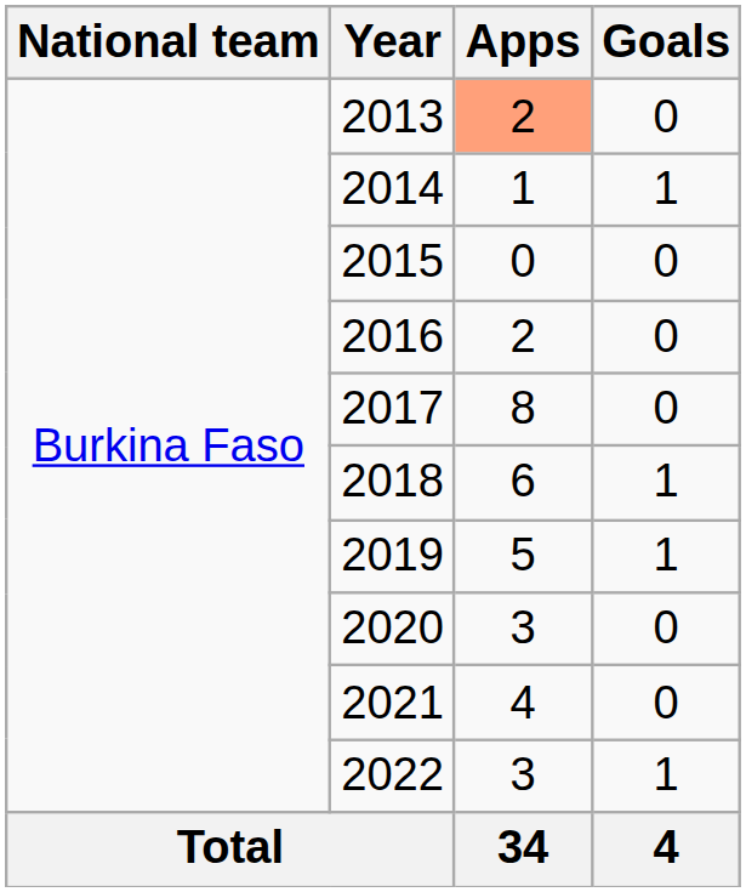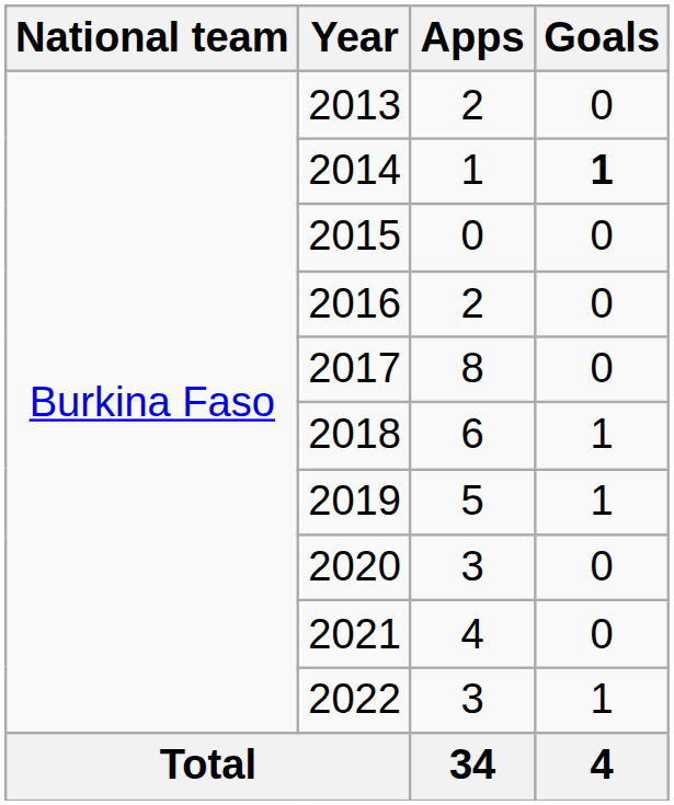 <table class="wikitable" style="text-align:center">
 <tr>
 <th>National team</th>
 <th>Year</th>
 <th>Apps</th>
 <th>Goals</th>
 </tr>
 <tr>
 <td rowspan="10"><a href='#'>Burkina Faso</a></td>
 <td>2013</td>
-<td style="background: lightsalmon;">2</td>
+<td>2</td>
 <td>0</td>
 </tr>
 <tr>
 <td>2014</td>
 <td>1</td>
-<td>1</td>
+<td><strong>1</strong></td>
 </tr>
 <tr>
 <td>2015</td>
 <td>0</td>
 <td>0</td>
 </tr>
 <tr>
 <td>2016</td>
 <td>2</td>
 <td>0</td>
 </tr>
 <tr>
 <td>2017</td>
 <td>8</td>
 <td>0</td>
 </tr>
 <tr>
 <td>2018</td>
 <td>6</td>
 <td>1</td>
 </tr>
 <tr>
 <td>2019</td>
 <td>5</td>
 <td>1</td>
 </tr>
 <tr>
 <td>2020</td>
 <td>3</td>
 <td>0</td>
 </tr>
 <tr>
 <td>2021</td>
 <td>4</td>
 <td>0</td>
 </tr>
 <tr>
 <td>2022</td>
 <td>3</td>
 <td>1</td>
 </tr>
 <tr>
 <th colspan="2">Total</th>
 <th>34</th>
 <th>4</th>
 </tr>
 </table>
